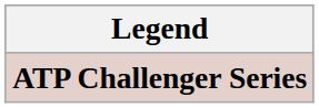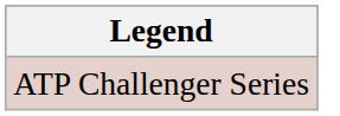 <table class="wikitable">
 <tr>
 <th>Legend</th>
 </tr>
 <tr bgcolor="#e5d1cb">
-<td><strong>ATP Challenger Series</strong></td>
+<td>ATP Challenger Series</td>
 </tr>
 </table>
